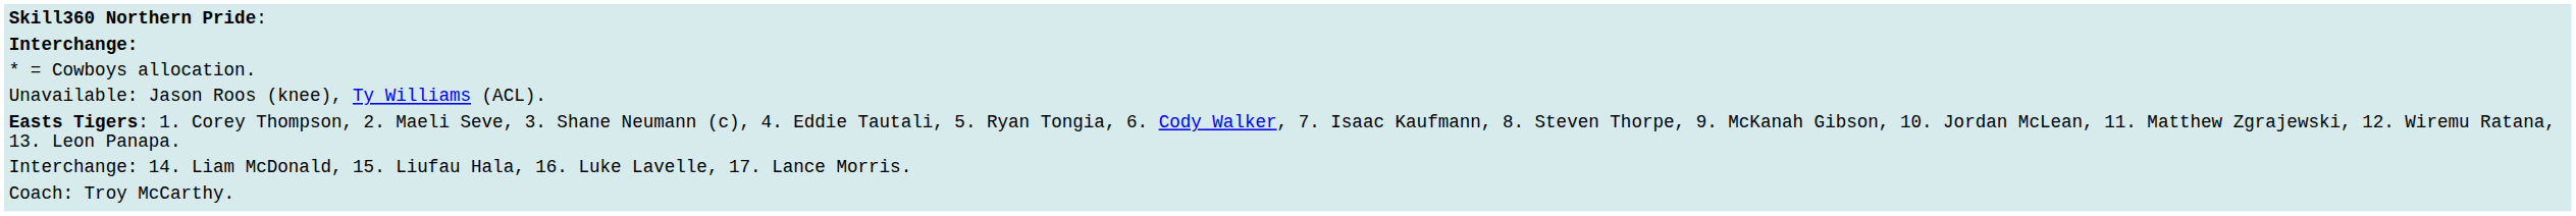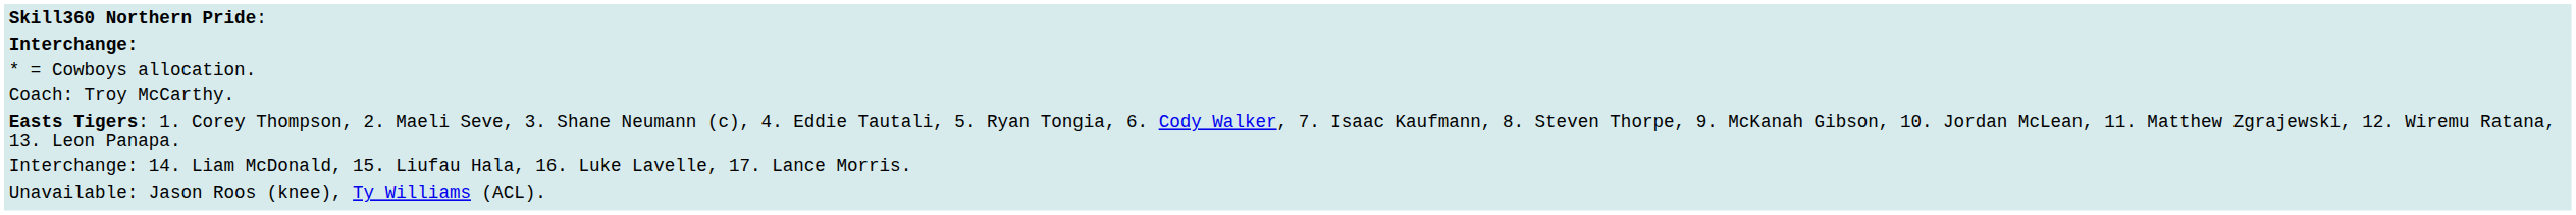 <table style="background:#d7ebed; font-size:85%; width:100%;">
 <tr>
 <td><strong>Skill360 Northern Pride</strong>:             </td>
 </tr>
 <tr>
 <td><strong>Interchange:    </strong></td>
 </tr>
 <tr>
 <td>* = Cowboys allocation.</td>
 </tr>
 <tr>
-<td>Unavailable: Jason Roos (knee), <a href='#'>Ty Williams</a> (ACL).</td>
+<td>Coach: Troy McCarthy.</td>
 </tr>
 <tr>
 <td><strong>Easts Tigers</strong>: 1. Corey Thompson, 2. Maeli Seve, 3. Shane Neumann (c), 4. Eddie Tautali, 5. Ryan Tongia, 6. <a href='#'>Cody Walker</a>, 7. Isaac Kaufmann, 8. Steven Thorpe, 9. McKanah Gibson, 10. Jordan McLean, 11. Matthew Zgrajewski, 12. Wiremu Ratana, 13. Leon Panapa.</td>
 </tr>
 <tr>
 <td>Interchange: 14. Liam McDonald, 15. Liufau Hala, 16. Luke Lavelle, 17. Lance Morris.</td>
 </tr>
 <tr>
-<td>Coach: Troy McCarthy.</td>
+<td>Unavailable: Jason Roos (knee), <a href='#'>Ty Williams</a> (ACL).</td>
 </tr>
 <tr>
 </tr>
 </table>
